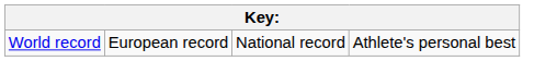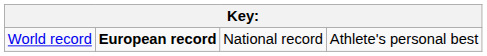 <table class="wikitable">
 <tr>
 <th colspan=4>Key:</th>
 </tr>
 <tr>
 <td><a href='#'>World record</a></td>
-<td>European record</td>
+<td><strong>European record</strong></td>
 <td>National record</td>
 <td>Athlete's personal best</td>
 </tr>
 </table>
